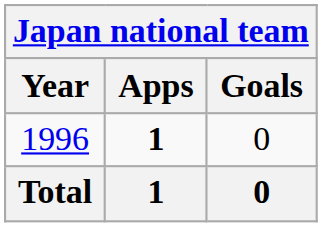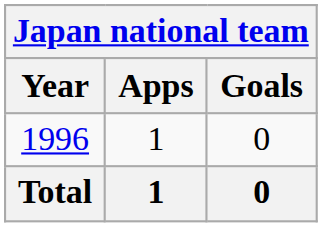 <table class="wikitable" style="text-align:center">
 <tr>
 <th colspan=3><a href='#'>Japan national team</a></th>
 </tr>
 <tr>
 <th>Year</th>
 <th>Apps</th>
 <th>Goals</th>
 </tr>
 <tr>
 <td><a href='#'>1996</a></td>
-<td><strong>1</strong></td>
+<td>1</td>
 <td>0</td>
 </tr>
 <tr>
 <th>Total</th>
 <th>1</th>
 <th>0</th>
 </tr>
 </table>
